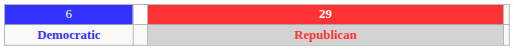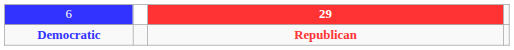 <table class="wikitable" style="width:50%">
 <tr>
 <td scope="row" style="background:#33F; width:25.7%; text-align:center; color:white">6</td>
 <td style= "background:#FFFFFF; width:2.9%; text-align:center; color:black"></td>
 <td style="background:#F33; width:71.4%; text-align:center; color:white"><strong>29</strong></td>
 <td></td>
 </tr>
 <tr>
 <td scope="row" style="text-align:center; color:#33F"><strong>Democratic</strong></td>
 <td></td>
-<td style="background: lightgrey; text-align:center; color:#F33"><strong>Republican</strong></td>
+<td style="text-align:center; color:#F33"><strong>Republican</strong></td>
 <td></td>
 </tr>
 </table>
